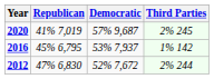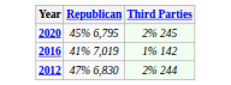 <table class="wikitable"  style="margin:auto; font-size:95%;">
 <tr style="background:lightgrey;">
 <th>Year</th>
 <th><a href='#'>Republican</a></th>
-<th><a href='#'>Democratic</a></th>
 <th><a href='#'>Third Parties</a></th>
 </tr>
 <tr>
 <td style="text-align:center; "><strong><a href='#'>2020</a></strong></td>
-<td style="text-align:center; "><em>41%</em> <em>7,019</em></td>
-<td style="text-align:center; "><em>57%</em> <em>9,687</em></td>
+<td style="text-align:center; "><em>45%</em> <em>6,795</em></td>
 <td style="text-align:center; background:honeyDew;"><em>2%</em> <em>245</em></td>
 </tr>
 <tr>
 <td style="text-align:center; "><strong><a href='#'>2016</a></strong></td>
-<td style="text-align:center; "><em>45%</em> <em>6,795</em></td>
-<td style="text-align:center; "><em>53%</em> <em>7,937</em></td>
+<td style="text-align:center; "><em>41%</em> <em>7,019</em></td>
 <td style="text-align:center; background:honeyDew;"><em>1%</em> <em>142</em></td>
 </tr>
 <tr>
 <td style="text-align:center; "><strong><a href='#'>2012</a></strong></td>
 <td style="text-align:center; "><em>47%</em> <em>6,830</em></td>
-<td style="text-align:center; "><em>52%</em> <em>7,672</em></td>
 <td style="text-align:center; background:honeyDew;"><em>2%</em> <em>244</em></td>
 </tr>
 </table>
